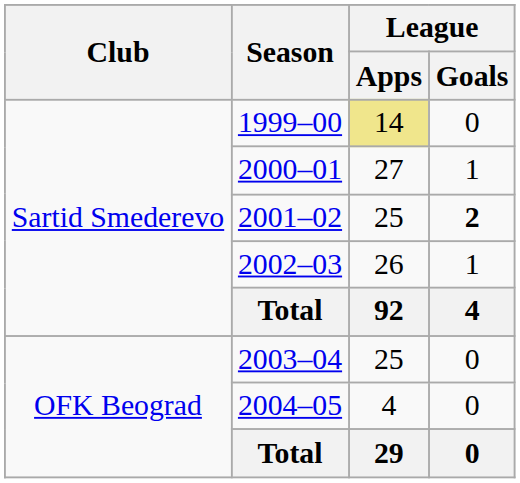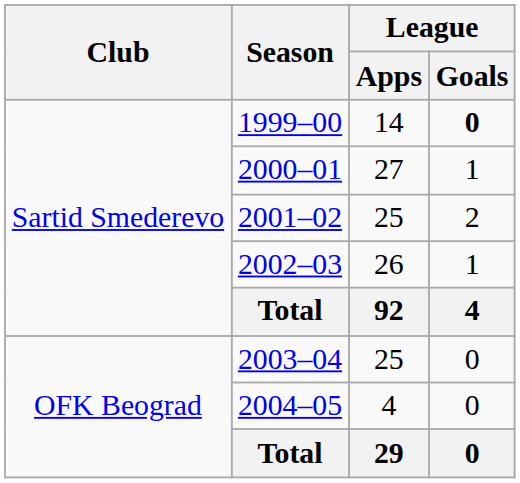 <table class="wikitable" style="text-align:center">
 <tr>
 <th rowspan="2">Club</th>
 <th rowspan="2">Season</th>
 <th colspan="2">League</th>
 </tr>
 <tr>
 <th>Apps</th>
 <th>Goals</th>
 </tr>
 <tr>
 <td rowspan="5"><a href='#'>Sartid Smederevo</a></td>
 <td><a href='#'>1999–00</a></td>
-<td style="background: khaki;">14</td>
-<td>0</td>
+<td>14</td>
+<td><strong>0</strong></td>
 </tr>
 <tr>
 <td><a href='#'>2000–01</a></td>
 <td>27</td>
 <td>1</td>
 </tr>
 <tr>
 <td><a href='#'>2001–02</a></td>
 <td>25</td>
-<td><strong>2</strong></td>
+<td>2</td>
 </tr>
 <tr>
 <td><a href='#'>2002–03</a></td>
 <td>26</td>
 <td>1</td>
 </tr>
 <tr>
 <th>Total</th>
 <th>92</th>
 <th>4</th>
 </tr>
 <tr>
 <td rowspan="3"><a href='#'>OFK Beograd</a></td>
 <td><a href='#'>2003–04</a></td>
 <td>25</td>
 <td>0</td>
 </tr>
 <tr>
 <td><a href='#'>2004–05</a></td>
 <td>4</td>
 <td>0</td>
 </tr>
 <tr>
 <th>Total</th>
 <th>29</th>
 <th>0</th>
 </tr>
 </table>
